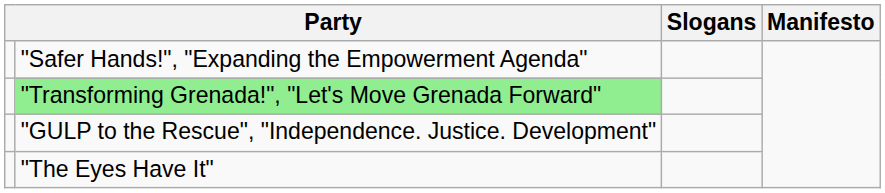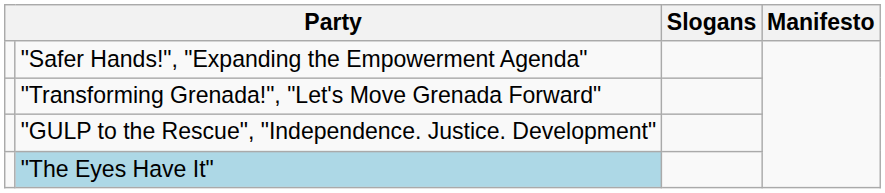 <table class="wikitable">
 <tr>
 <th colspan="2">Party</th>
 <th>Slogans</th>
 <th>Manifesto</th>
 </tr>
 <tr>
 <td></td>
 <td>"Safer Hands!", "Expanding the Empowerment Agenda"</td>
 <td></td>
 </tr>
 <tr>
 <td></td>
-<td style="background: lightgreen;">"Transforming Grenada!", "Let's Move Grenada Forward"</td>
+<td>"Transforming Grenada!", "Let's Move Grenada Forward"</td>
 <td></td>
 </tr>
 <tr>
 <td></td>
 <td>"GULP to the Rescue", "Independence. Justice. Development"</td>
 <td></td>
 </tr>
 <tr>
 <td></td>
-<td>"The Eyes Have It"</td>
+<td style="background: lightblue;">"The Eyes Have It"</td>
 <td></td>
 </tr>
 </table>
